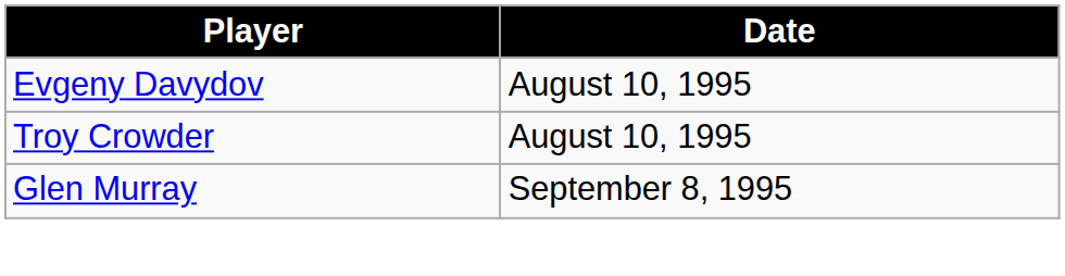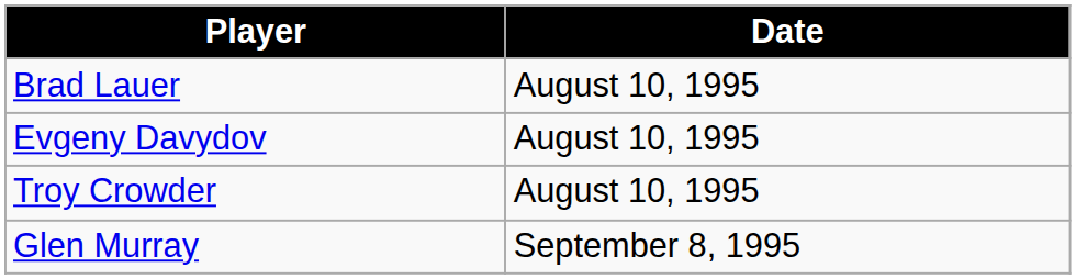 <table class="wikitable" style="width:40%;">
 <tr style="text-align:center; background:#ddd;">
 <th style="color:white; background:#000000; ">Player</th>
 <th style="color:white; background:#000000; ">Date</th>
+</tr>
+<tr>
+<td><a href='#'>Brad Lauer</a></td>
+<td>August 10, 1995</td>
 </tr>
 <tr>
 <td><a href='#'>Evgeny Davydov</a></td>
 <td>August 10, 1995</td>
 </tr>
 <tr>
 <td><a href='#'>Troy Crowder</a></td>
 <td>August 10, 1995</td>
 </tr>
 <tr>
 <td><a href='#'>Glen Murray</a></td>
 <td>September 8, 1995</td>
 </tr>
 </table>
